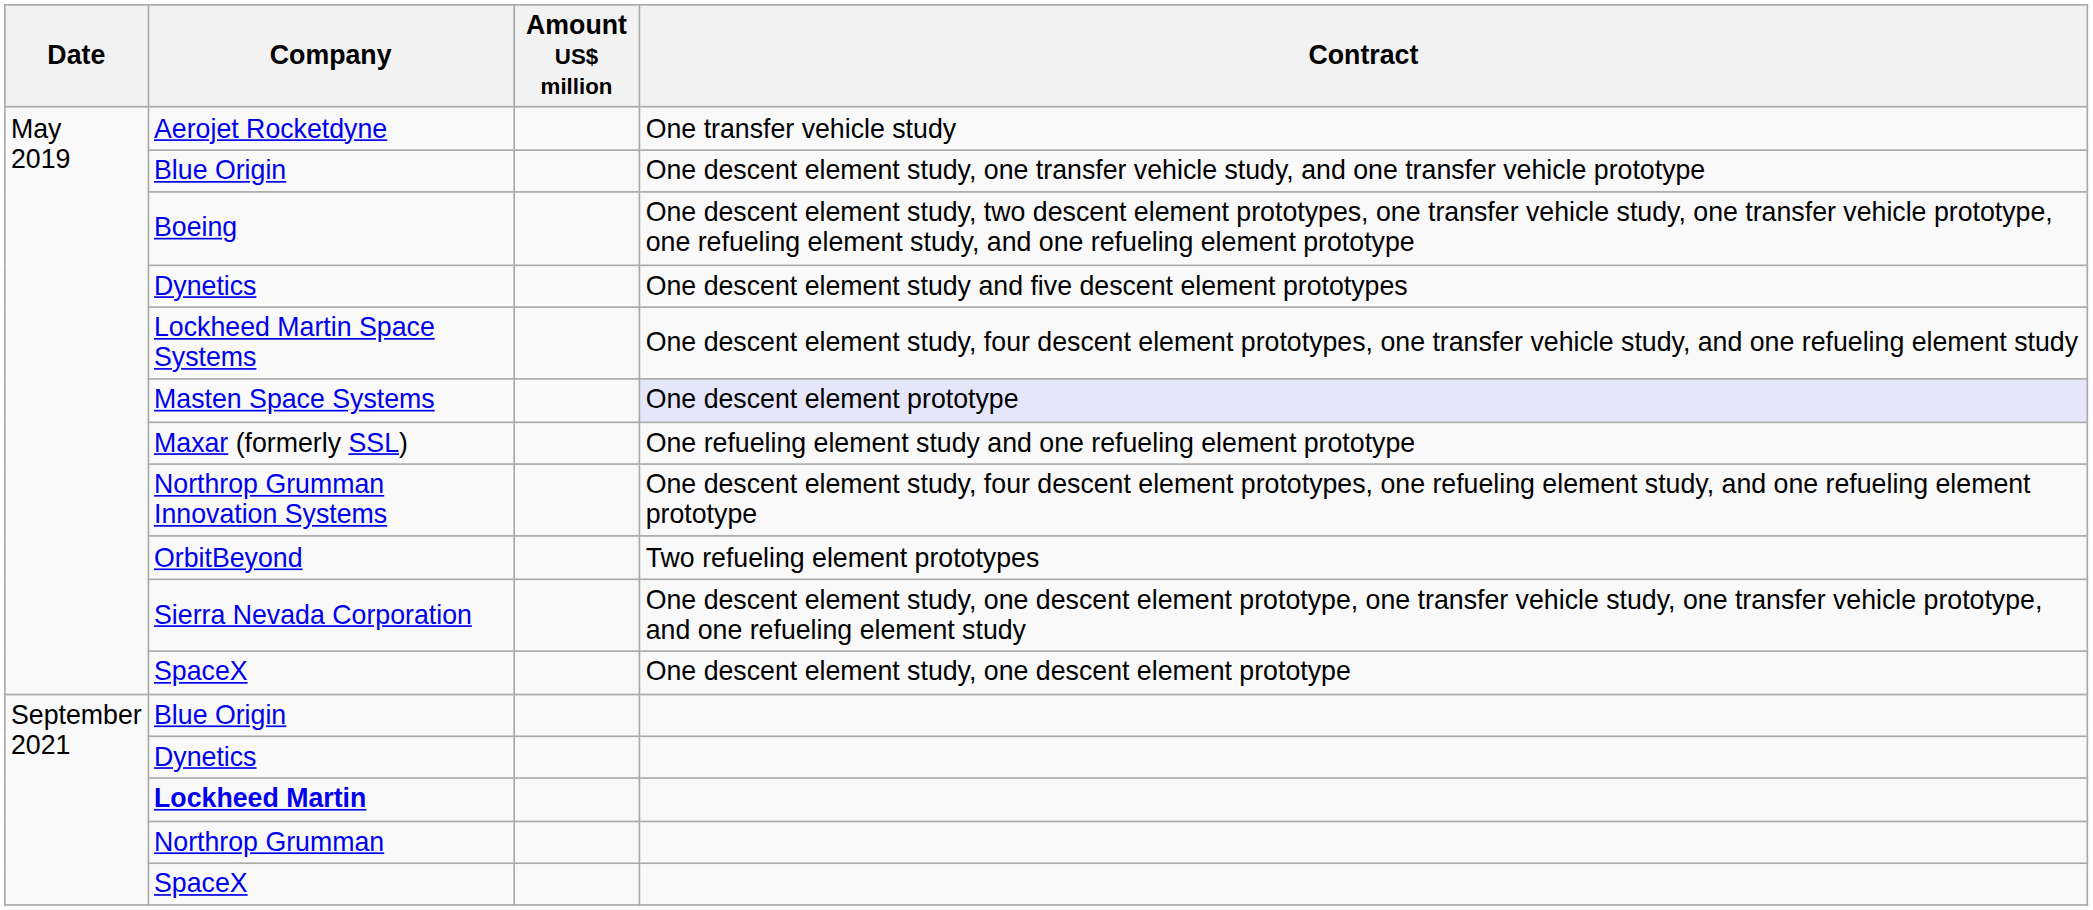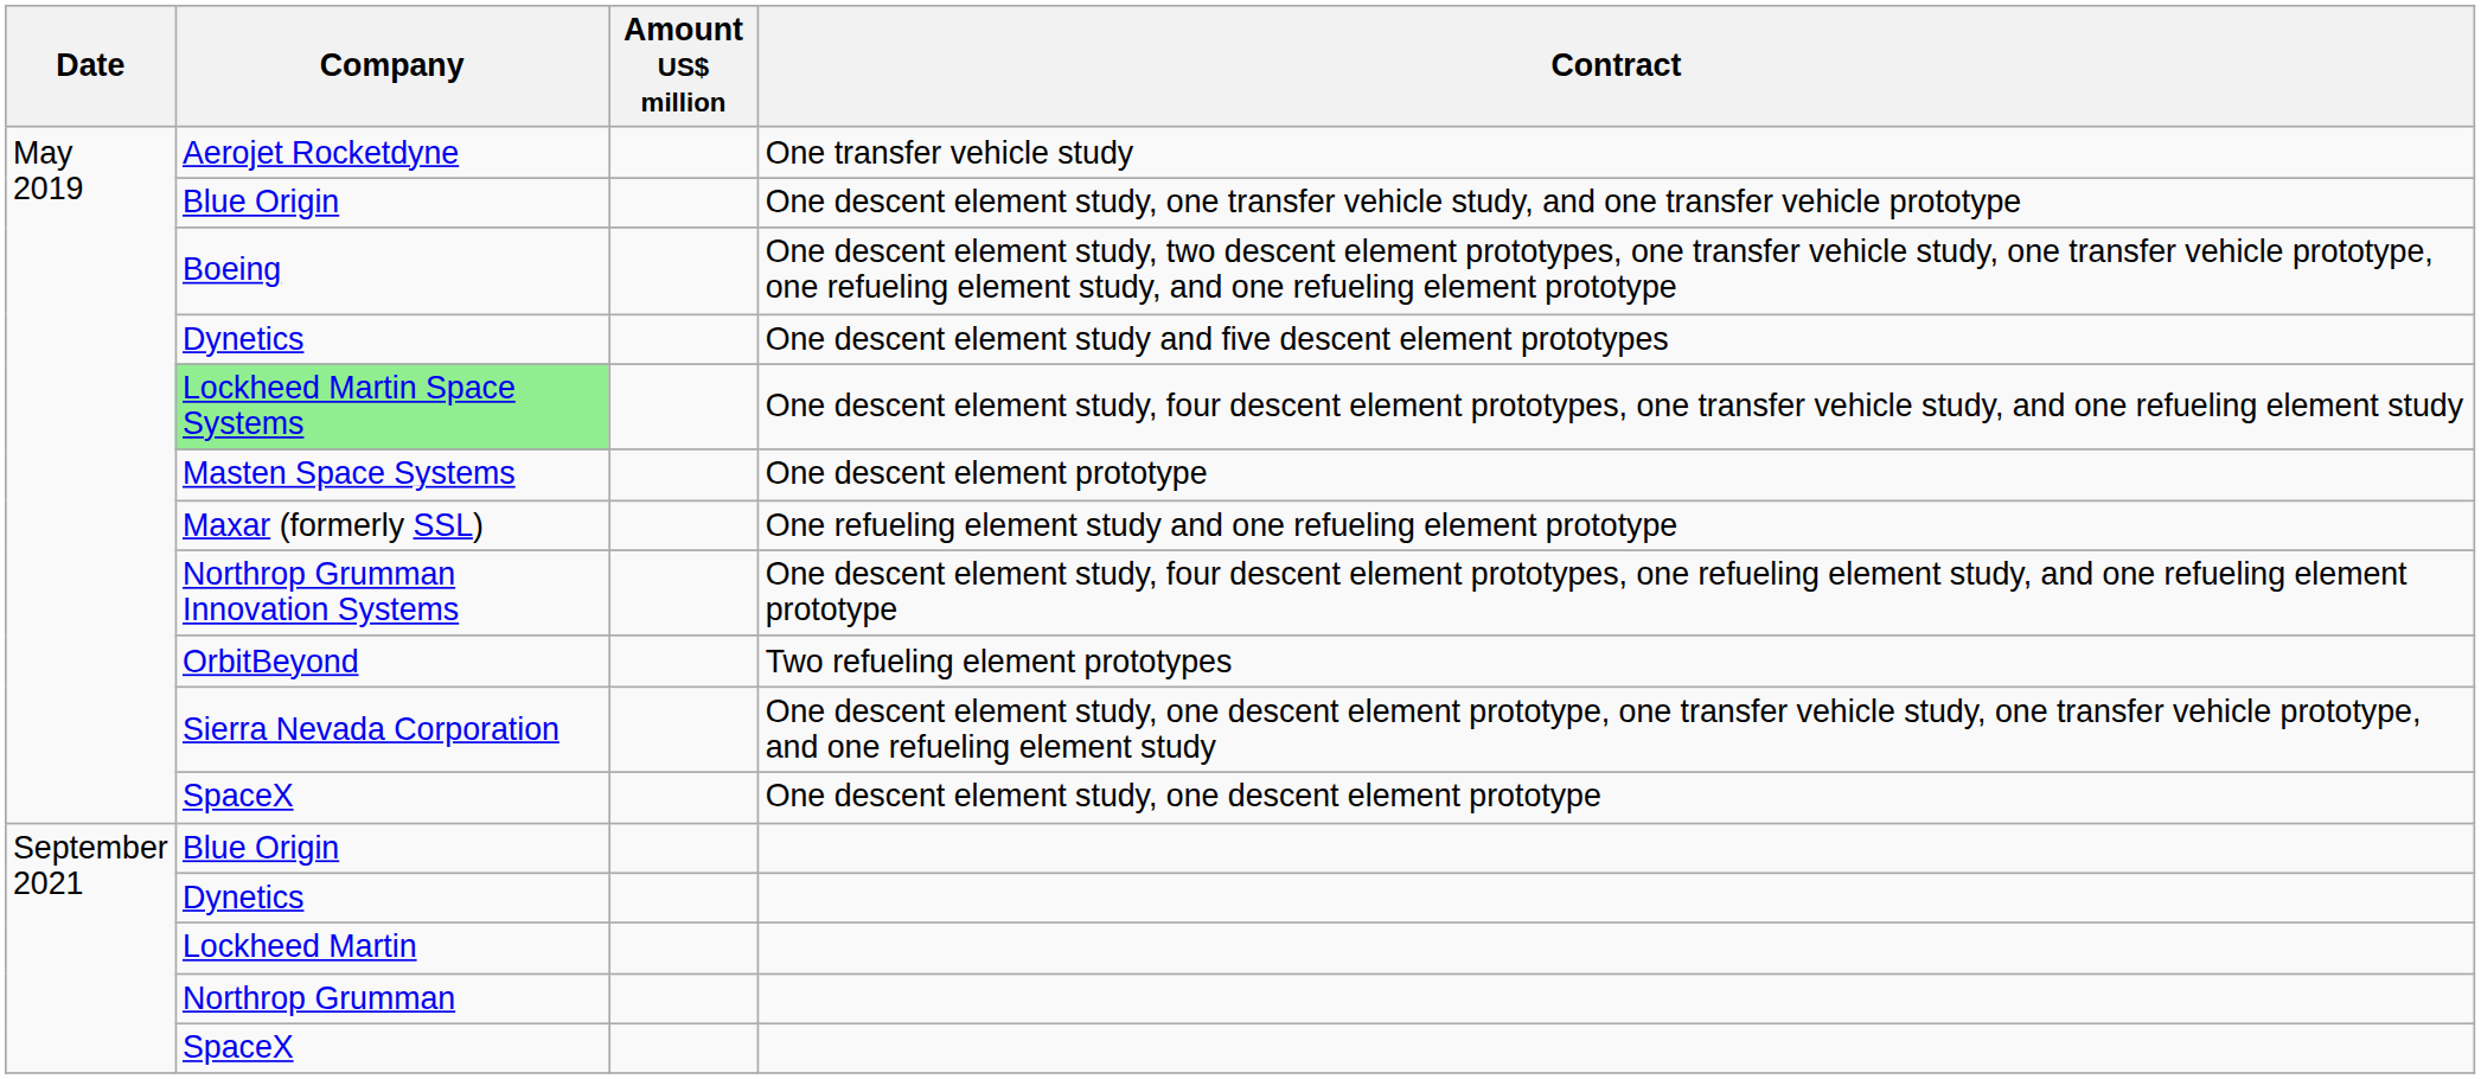 <table class="wikitable">
 <tr>
 <th>Date</th>
 <th>Company</th>
 <th>Amount<br><small>US$ million</small></th>
 <th>Contract</th>
 </tr>
 <tr style="vertical-align: top;">
 <td rowspan=11>May<br>2019</td>
 <td><a href='#'>Aerojet Rocketdyne</a></td>
 <td></td>
 <td>One transfer vehicle study</td>
 </tr>
 <tr>
 <td><a href='#'>Blue Origin</a></td>
 <td></td>
 <td>One descent element study, one transfer vehicle study, and one transfer vehicle prototype</td>
 </tr>
 <tr>
 <td><a href='#'>Boeing</a></td>
 <td></td>
 <td>One descent element study, two descent element prototypes, one transfer vehicle study, one transfer vehicle prototype, one refueling element study, and one refueling element prototype</td>
 </tr>
 <tr>
 <td><a href='#'>Dynetics</a></td>
 <td></td>
 <td>One descent element study and five descent element prototypes</td>
 </tr>
 <tr>
-<td><a href='#'>Lockheed Martin Space Systems</a></td>
+<td style="background: lightgreen;"><a href='#'>Lockheed Martin Space Systems</a></td>
 <td></td>
 <td>One descent element study, four descent element prototypes, one transfer vehicle study, and one refueling element study</td>
 </tr>
 <tr>
 <td><a href='#'>Masten Space Systems</a></td>
 <td></td>
-<td style="background: lavender;">One descent element prototype</td>
+<td>One descent element prototype</td>
 </tr>
 <tr>
 <td><a href='#'>Maxar</a> (formerly <a href='#'>SSL</a>)</td>
 <td></td>
 <td>One refueling element study and one refueling element prototype</td>
 </tr>
 <tr>
 <td><a href='#'>Northrop Grumman Innovation Systems</a></td>
 <td></td>
 <td>One descent element study, four descent element prototypes, one refueling element study, and one refueling element prototype</td>
 </tr>
 <tr>
 <td><a href='#'>OrbitBeyond</a></td>
 <td></td>
 <td>Two refueling element prototypes</td>
 </tr>
 <tr>
 <td><a href='#'>Sierra Nevada Corporation</a></td>
 <td></td>
 <td>One descent element study, one descent element prototype, one transfer vehicle study, one transfer vehicle prototype, and one refueling element study</td>
 </tr>
 <tr>
 <td><a href='#'>SpaceX</a></td>
 <td></td>
 <td>One descent element study, one descent element prototype</td>
 </tr>
 <tr style="vertical-align: top;">
 <td rowspan=5>September<br>2021</td>
 <td><a href='#'>Blue Origin</a></td>
 <td></td>
 <td></td>
 </tr>
 <tr>
 <td><a href='#'>Dynetics</a></td>
 <td></td>
 <td></td>
 </tr>
 <tr>
-<td><strong><a href='#'>Lockheed Martin</a></strong></td>
+<td><a href='#'>Lockheed Martin</a></td>
 <td></td>
 <td></td>
 </tr>
 <tr>
 <td><a href='#'>Northrop Grumman</a></td>
 <td></td>
 <td></td>
 </tr>
 <tr>
 <td><a href='#'>SpaceX</a></td>
 <td></td>
 <td></td>
 </tr>
 </table>
